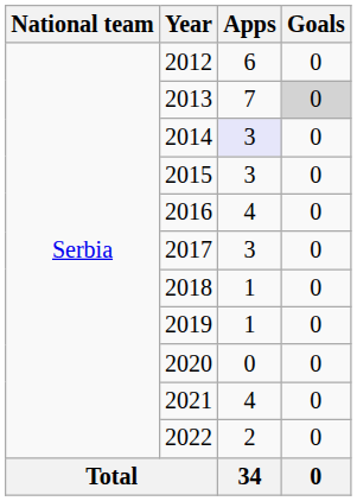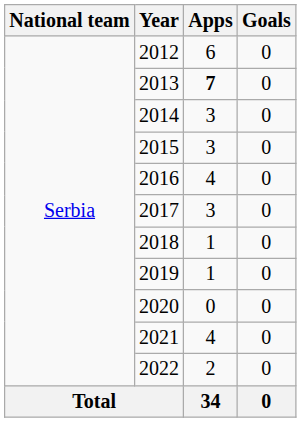 <table class="wikitable" style="text-align:center">
 <tr>
 <th>National team</th>
 <th>Year</th>
 <th>Apps</th>
 <th>Goals</th>
 </tr>
 <tr>
 <td rowspan="11"><a href='#'>Serbia</a></td>
 <td>2012</td>
 <td>6</td>
 <td>0</td>
 </tr>
 <tr>
 <td>2013</td>
-<td>7</td>
-<td style="background: lightgrey;">0</td>
+<td><strong>7</strong></td>
+<td>0</td>
 </tr>
 <tr>
 <td>2014</td>
-<td style="background: lavender;">3</td>
+<td>3</td>
 <td>0</td>
 </tr>
 <tr>
 <td>2015</td>
 <td>3</td>
 <td>0</td>
 </tr>
 <tr>
 <td>2016</td>
 <td>4</td>
 <td>0</td>
 </tr>
 <tr>
 <td>2017</td>
 <td>3</td>
 <td>0</td>
 </tr>
 <tr>
 <td>2018</td>
 <td>1</td>
 <td>0</td>
 </tr>
 <tr>
 <td>2019</td>
 <td>1</td>
 <td>0</td>
 </tr>
 <tr>
 <td>2020</td>
 <td>0</td>
 <td>0</td>
 </tr>
 <tr>
 <td>2021</td>
 <td>4</td>
 <td>0</td>
 </tr>
 <tr>
 <td>2022</td>
 <td>2</td>
 <td>0</td>
 </tr>
 <tr>
 <th colspan="2">Total</th>
 <th>34</th>
 <th>0</th>
 </tr>
 </table>
